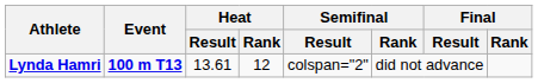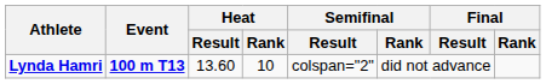 <table class="wikitable" style="text-align:center; font-size:90%">
 <tr>
 <th rowspan="2">Athlete</th>
 <th rowspan="2">Event</th>
 <th colspan="2">Heat</th>
 <th colspan="2">Semifinal</th>
 <th colspan="2">Final</th>
 </tr>
 <tr>
 <th>Result</th>
 <th>Rank</th>
 <th>Result</th>
 <th>Rank</th>
 <th>Result</th>
 <th>Rank</th>
 </tr>
 <tr>
 <td align="left" rowspan="1"><strong><a href='#'>Lynda Hamri</a></strong></td>
 <td align=left><strong><a href='#'>100 m T13</a></strong></td>
-<td>13.61 <strong></strong></td>
-<td>12</td>
+<td>13.60 <strong></strong></td>
+<td>10</td>
 <td>colspan="2" </td>
 <td colspan=2>did not advance</td>
 </tr>
 </table>
